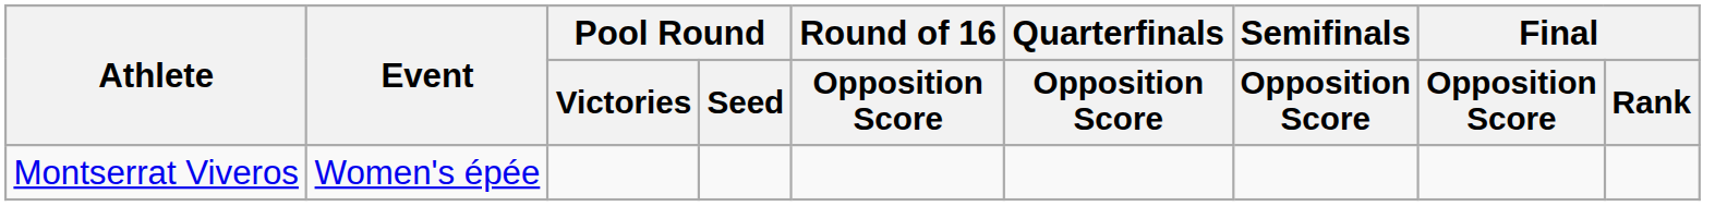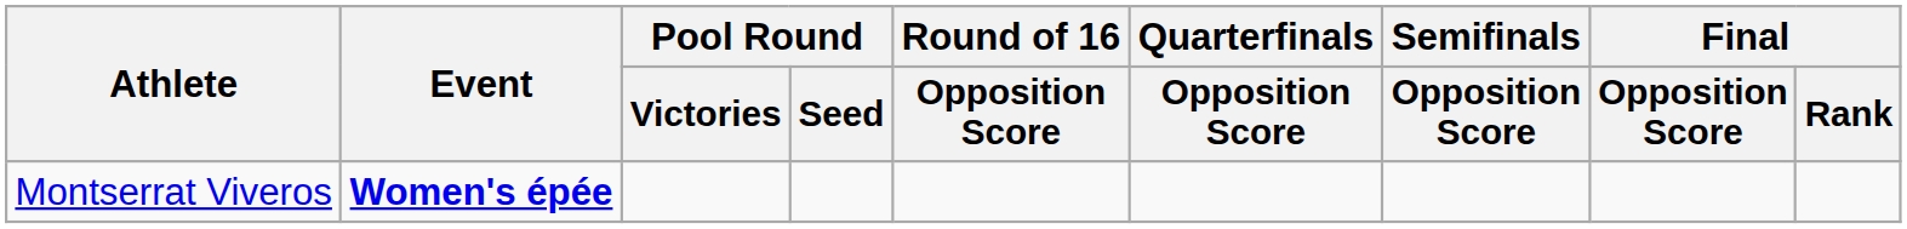 <table class=wikitable style="font-size:90%">
 <tr>
 <th rowspan="2">Athlete</th>
 <th rowspan="2">Event</th>
 <th colspan=2>Pool Round</th>
 <th>Round of 16</th>
 <th>Quarterfinals</th>
 <th>Semifinals</th>
 <th colspan=2>Final</th>
 </tr>
 <tr style="font-size:95%">
 <th>Victories</th>
 <th>Seed</th>
 <th>Opposition<br>Score</th>
 <th>Opposition<br>Score</th>
 <th>Opposition<br>Score</th>
 <th>Opposition<br>Score</th>
 <th>Rank</th>
 </tr>
 <tr align=center>
 <td align=left><a href='#'>Montserrat Viveros</a></td>
-<td align=left><a href='#'>Women's épée</a></td>
+<td align=left><strong><a href='#'>Women's épée</a></strong></td>
 <td></td>
 <td></td>
 <td></td>
 <td></td>
 <td></td>
 <td></td>
 <td></td>
 </tr>
 </table>
